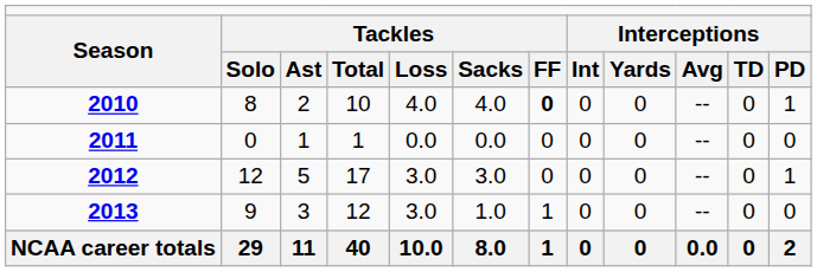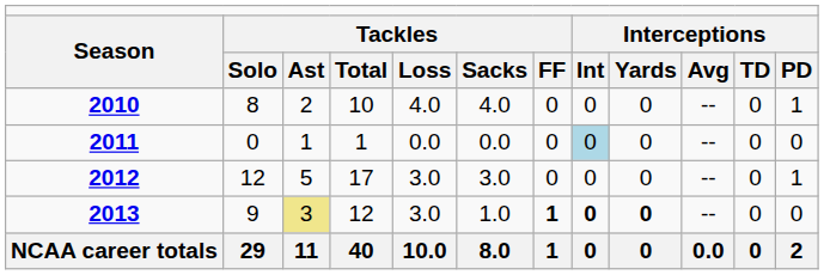 <table class=wikitable style="text-align:center;">
 <tr>
 <td ! colspan=15></td>
 </tr>
 <tr>
 <th rowspan=2>Season</th>
 <th colspan=6>Tackles</th>
 <th colspan=5>Interceptions</th>
 </tr>
 <tr>
 <th>Solo</th>
 <th>Ast</th>
 <th>Total</th>
 <th>Loss</th>
 <th>Sacks</th>
 <th>FF</th>
 <th>Int</th>
 <th>Yards</th>
 <th>Avg</th>
 <th>TD</th>
 <th>PD</th>
 </tr>
 <tr>
 <td><strong><a href='#'>2010</a></strong></td>
 <td>8</td>
 <td>2</td>
 <td>10</td>
 <td>4.0</td>
 <td>4.0</td>
-<td><strong>0</strong></td>
+<td>0</td>
 <td>0</td>
 <td>0</td>
 <td>--</td>
 <td>0</td>
 <td>1</td>
 </tr>
 <tr>
 <td><strong><a href='#'>2011</a></strong></td>
 <td>0</td>
 <td>1</td>
 <td>1</td>
 <td>0.0</td>
 <td>0.0</td>
 <td>0</td>
-<td>0</td>
+<td style="background: lightblue;">0</td>
 <td>0</td>
 <td>--</td>
 <td>0</td>
 <td>0</td>
 </tr>
 <tr>
 <td><strong><a href='#'>2012</a></strong></td>
 <td>12</td>
 <td>5</td>
 <td>17</td>
 <td>3.0</td>
 <td>3.0</td>
 <td>0</td>
 <td>0</td>
 <td>0</td>
 <td>--</td>
 <td>0</td>
 <td>1</td>
 </tr>
 <tr>
 <td><strong><a href='#'>2013</a></strong></td>
 <td>9</td>
-<td>3</td>
+<td style="background: khaki;">3</td>
 <td>12</td>
 <td>3.0</td>
 <td>1.0</td>
-<td>1</td>
-<td>0</td>
-<td>0</td>
+<td><strong>1</strong></td>
+<td><strong>0</strong></td>
+<td><strong>0</strong></td>
 <td>--</td>
 <td>0</td>
 <td>0</td>
 </tr>
 <tr>
 <th>NCAA career totals</th>
 <th>29</th>
 <th>11</th>
 <th>40</th>
 <th>10.0</th>
 <th>8.0</th>
 <th>1</th>
 <th>0</th>
 <th>0</th>
 <th>0.0</th>
 <th>0</th>
 <th>2</th>
 </tr>
 </table>
